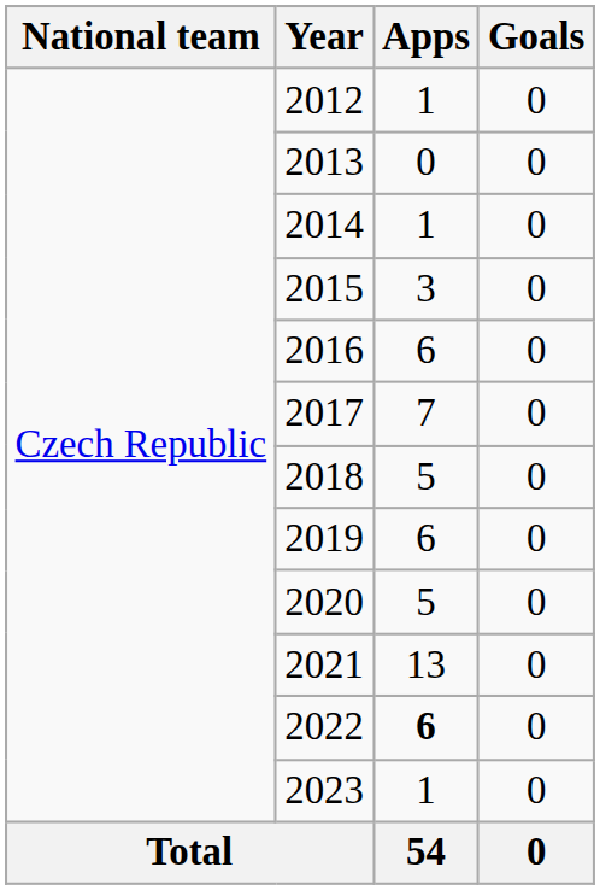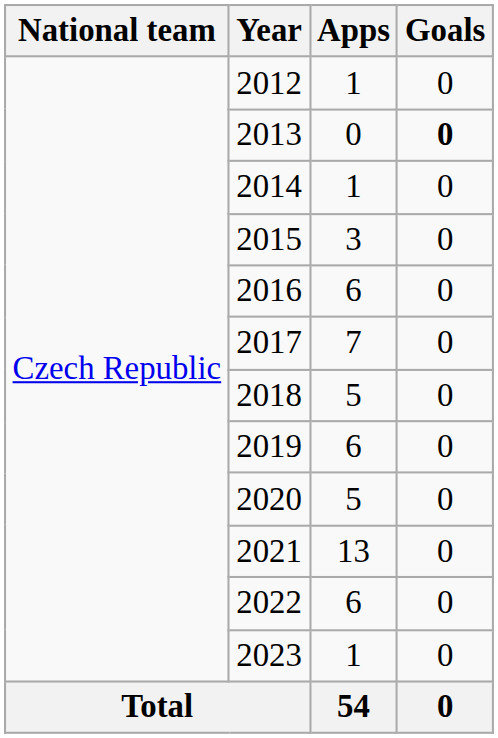 <table class="wikitable" style="text-align:center">
 <tr>
 <th>National team</th>
 <th>Year</th>
 <th>Apps</th>
 <th>Goals</th>
 </tr>
 <tr>
 <td rowspan="12"><a href='#'>Czech Republic</a></td>
 <td>2012</td>
 <td>1</td>
 <td>0</td>
 </tr>
 <tr>
 <td>2013</td>
 <td>0</td>
-<td>0</td>
+<td><strong>0</strong></td>
 </tr>
 <tr>
 <td>2014</td>
 <td>1</td>
 <td>0</td>
 </tr>
 <tr>
 <td>2015</td>
 <td>3</td>
 <td>0</td>
 </tr>
 <tr>
 <td>2016</td>
 <td>6</td>
 <td>0</td>
 </tr>
 <tr>
 <td>2017</td>
 <td>7</td>
 <td>0</td>
 </tr>
 <tr>
 <td>2018</td>
 <td>5</td>
 <td>0</td>
 </tr>
 <tr>
 <td>2019</td>
 <td>6</td>
 <td>0</td>
 </tr>
 <tr>
 <td>2020</td>
 <td>5</td>
 <td>0</td>
 </tr>
 <tr>
 <td>2021</td>
 <td>13</td>
 <td>0</td>
 </tr>
 <tr>
 <td>2022</td>
-<td><strong>6</strong></td>
+<td>6</td>
 <td>0</td>
 </tr>
 <tr>
 <td>2023</td>
 <td>1</td>
 <td>0</td>
 </tr>
 <tr>
 <th colspan="2">Total</th>
 <th>54</th>
 <th>0</th>
 </tr>
 </table>
